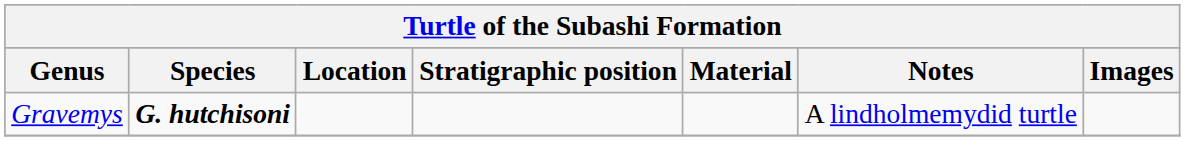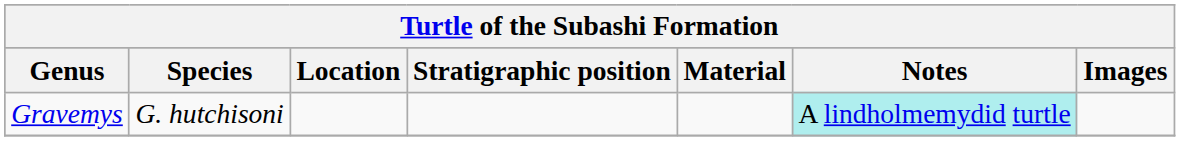 <table class="wikitable" align="center">
 <tr>
 <th colspan="7" align="center"><a href='#'>Turtle</a> of the Subashi Formation</th>
 </tr>
 <tr>
 <th>Genus</th>
 <th>Species</th>
 <th>Location</th>
 <th>Stratigraphic position</th>
 <th>Material</th>
 <th>Notes</th>
 <th>Images</th>
 </tr>
 <tr>
 <td><em><a href='#'>Gravemys</a></em></td>
-<td><strong><em>G. hutchisoni</em></strong></td>
+<td><em>G. hutchisoni</em></td>
 <td></td>
 <td></td>
 <td></td>
-<td>A <a href='#'>lindholmemydid</a> <a href='#'>turtle</a></td>
+<td style="background: paleturquoise;">A <a href='#'>lindholmemydid</a> <a href='#'>turtle</a></td>
 <td></td>
 </tr>
 <tr>
 </tr>
 </table>
